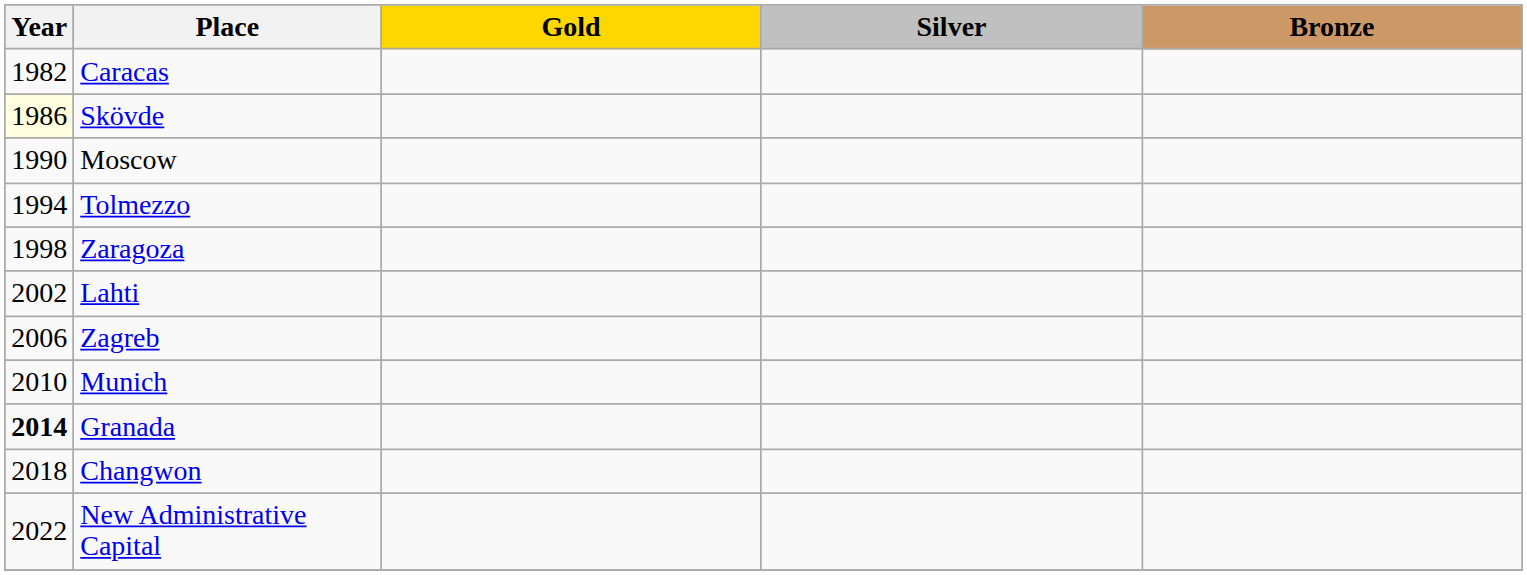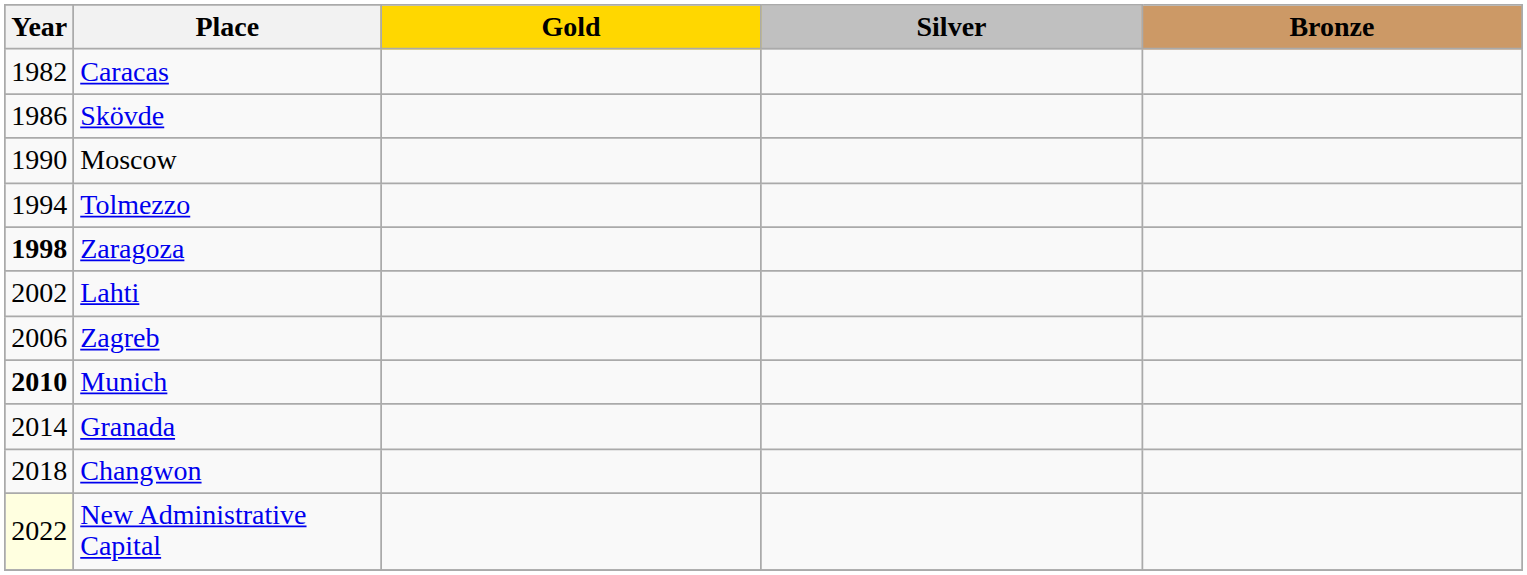 <table class="wikitable">
 <tr>
 <th>Year</th>
 <th>Place</th>
 <th style="background:gold"    width="210">Gold</th>
 <th style="background:silver"  width="210">Silver</th>
 <th style="background:#cc9966" width="210">Bronze</th>
 </tr>
 <tr>
 <td>1982</td>
 <td> <a href='#'>Caracas</a></td>
 <td></td>
 <td></td>
 <td></td>
 </tr>
 <tr>
-<td style="background: lightyellow;">1986</td>
+<td>1986</td>
 <td> <a href='#'>Skövde</a></td>
 <td></td>
 <td></td>
 <td></td>
 </tr>
 <tr>
 <td>1990</td>
 <td> Moscow</td>
 <td></td>
 <td></td>
 <td></td>
 </tr>
 <tr>
 <td>1994</td>
 <td> <a href='#'>Tolmezzo</a></td>
 <td></td>
 <td></td>
 <td></td>
 </tr>
 <tr>
-<td>1998</td>
+<td><strong>1998</strong></td>
 <td> <a href='#'>Zaragoza</a></td>
 <td></td>
 <td></td>
 <td></td>
 </tr>
 <tr>
 <td>2002</td>
 <td> <a href='#'>Lahti</a></td>
 <td></td>
 <td></td>
 <td></td>
 </tr>
 <tr>
 <td>2006</td>
 <td> <a href='#'>Zagreb</a></td>
 <td></td>
 <td></td>
 <td></td>
 </tr>
 <tr>
-<td>2010</td>
+<td><strong>2010</strong></td>
 <td> <a href='#'>Munich</a></td>
 <td></td>
 <td></td>
 <td></td>
 </tr>
 <tr>
-<td><strong>2014</strong></td>
+<td>2014</td>
 <td> <a href='#'>Granada</a></td>
 <td></td>
 <td></td>
 <td></td>
 </tr>
 <tr>
 <td>2018</td>
 <td> <a href='#'>Changwon</a></td>
 <td></td>
 <td></td>
 <td></td>
 </tr>
 <tr>
-<td>2022</td>
+<td style="background: lightyellow;">2022</td>
 <td> <a href='#'>New Administrative Capital</a></td>
 <td></td>
 <td></td>
 <td></td>
 </tr>
 <tr>
 </tr>
 </table>
